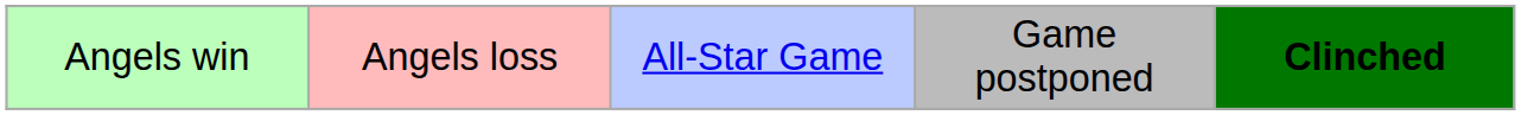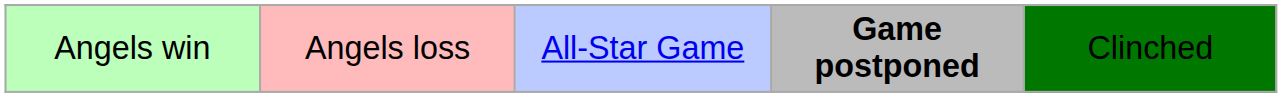 <table class="wikitable" style="margin:0.5em auto; text-align:center;">
 <tr>
 </tr>
 <tr>
 <td bgcolor="bbffbb" width="119px">Angels win</td>
 <td bgcolor="ffbbbb" width="119px">Angels loss</td>
 <td bgcolor="bbcaff" width="119px"><a href='#'>All-Star Game</a></td>
-<td bgcolor="bbbbbb" width="118px">Game postponed</td>
-<td bgcolor="007800" width="118px"><strong><span>Clinched</span></strong></td>
+<td bgcolor="bbbbbb" width="118px"><strong>Game postponed</strong></td>
+<td bgcolor="007800" width="118px"><span>Clinched</span></td>
 </tr>
 </table>
